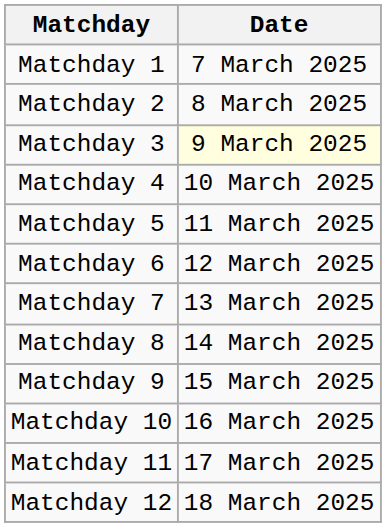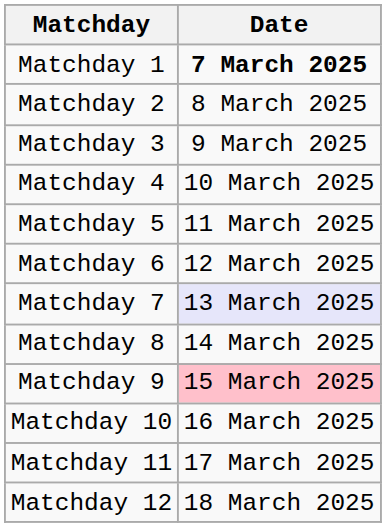 <table class="wikitable" style="text-align:center">
 <tr>
 <th>Matchday</th>
 <th>Date</th>
 </tr>
 <tr>
 <td>Matchday 1</td>
-<td>7 March 2025</td>
+<td><strong>7 March 2025</strong></td>
 </tr>
 <tr>
 <td>Matchday 2</td>
 <td>8 March 2025</td>
 </tr>
 <tr>
 <td>Matchday 3</td>
-<td style="background: lightyellow;">9 March 2025</td>
+<td>9 March 2025</td>
 </tr>
 <tr>
 <td>Matchday 4</td>
 <td>10 March 2025</td>
 </tr>
 <tr>
 <td>Matchday 5</td>
 <td>11 March 2025</td>
 </tr>
 <tr>
 <td>Matchday 6</td>
 <td>12 March 2025</td>
 </tr>
 <tr>
 <td>Matchday 7</td>
-<td>13 March 2025</td>
+<td style="background: lavender;">13 March 2025</td>
 </tr>
 <tr>
 <td>Matchday 8</td>
 <td>14 March 2025</td>
 </tr>
 <tr>
 <td>Matchday 9</td>
-<td>15 March 2025</td>
+<td style="background: pink;">15 March 2025</td>
 </tr>
 <tr>
 <td>Matchday 10</td>
 <td>16 March 2025</td>
 </tr>
 <tr>
 <td>Matchday 11</td>
 <td>17 March 2025</td>
 </tr>
 <tr>
 <td>Matchday 12</td>
 <td>18 March 2025</td>
 </tr>
 </table>
